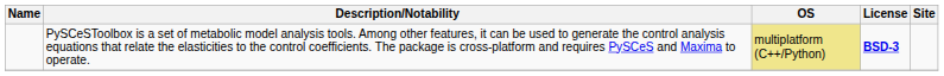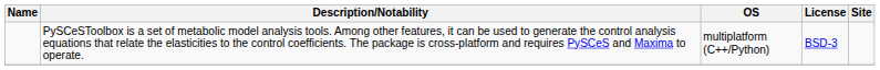 <table class="wikitable">
 <tr>
 <th>Name</th>
 <th>Description/Notability</th>
 <th>OS</th>
 <th>License</th>
 <th>Site</th>
 </tr>
 <tr>
 <td></td>
 <td>PySCeSToolbox is a set of metabolic model analysis tools. Among other features, it can be used to generate the control analysis equations that relate the elasticities to the control coefficients. The package is cross-platform and requires <a href='#'>PySCeS</a> and <a href='#'>Maxima</a> to operate.</td>
-<td style="background: khaki;">multiplatform (C++/Python)</td>
-<td><strong><a href='#'>BSD-3</a></strong></td>
+<td>multiplatform (C++/Python)</td>
+<td><a href='#'>BSD-3</a></td>
 <td></td>
 </tr>
 <tr>
 </tr>
 </table>
